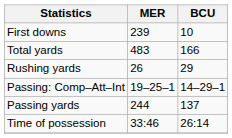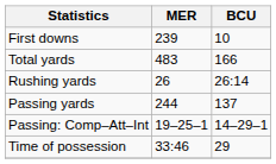 <table class="wikitable" style="float: left;">
 <tr>
 <th>Statistics</th>
 <th>MER</th>
 <th>BCU</th>
 </tr>
 <tr>
 <td>First downs</td>
 <td>239</td>
 <td>10</td>
 </tr>
 <tr>
 <td>Total yards</td>
 <td>483</td>
 <td>166</td>
 </tr>
 <tr>
 <td>Rushing yards</td>
 <td>26</td>
-<td>29</td>
+<td>26:14</td>
+</tr>
+<tr>
+<td>Passing yards</td>
+<td>244</td>
+<td>137</td>
 </tr>
 <tr>
 <td>Passing: Comp–Att–Int</td>
 <td>19–25–1</td>
 <td>14–29–1</td>
 </tr>
 <tr>
-<td>Passing yards</td>
-<td>244</td>
-<td>137</td>
-</tr>
-<tr>
 <td>Time of possession</td>
 <td>33:46</td>
-<td>26:14</td>
+<td>29</td>
 </tr>
 <tr>
 </tr>
 </table>
